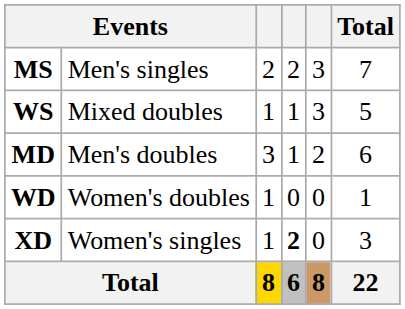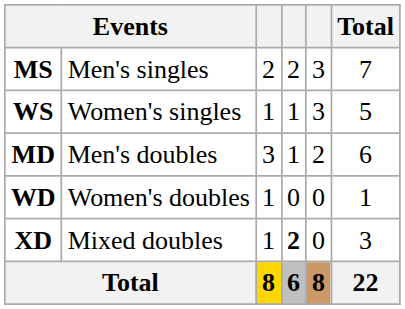 <table class="wikitable sortable" style="text-align:center; font-size:95%; background:white">
 <tr>
 <th colspan="2">Events</th>
 <th></th>
 <th></th>
 <th></th>
 <th>Total</th>
 </tr>
 <tr>
 <td><strong>MS</strong></td>
 <td align="left">Men's singles</td>
 <td>2</td>
 <td>2</td>
 <td>3</td>
 <td>7</td>
 </tr>
 <tr>
 <td><strong>WS</strong></td>
-<td align="left">Mixed doubles</td>
+<td align="left">Women's singles</td>
 <td>1</td>
 <td>1</td>
 <td>3</td>
 <td>5</td>
 </tr>
 <tr>
 <td><strong>MD</strong></td>
 <td align="left">Men's doubles</td>
 <td>3</td>
 <td>1</td>
 <td>2</td>
 <td>6</td>
 </tr>
 <tr>
 <td><strong>WD</strong></td>
 <td align="left">Women's doubles</td>
 <td>1</td>
 <td>0</td>
 <td>0</td>
 <td>1</td>
 </tr>
 <tr>
 <td><strong>XD</strong></td>
-<td align="left">Women's singles</td>
+<td align="left">Mixed doubles</td>
 <td>1</td>
 <td><strong>2</strong></td>
 <td>0</td>
 <td>3</td>
 </tr>
 <tr>
 <th colspan=2>Total</th>
 <th style="background:gold">8</th>
 <th style="background:silver">6</th>
 <th style="background:#CC9966">8</th>
 <th>22</th>
 </tr>
 </table>
